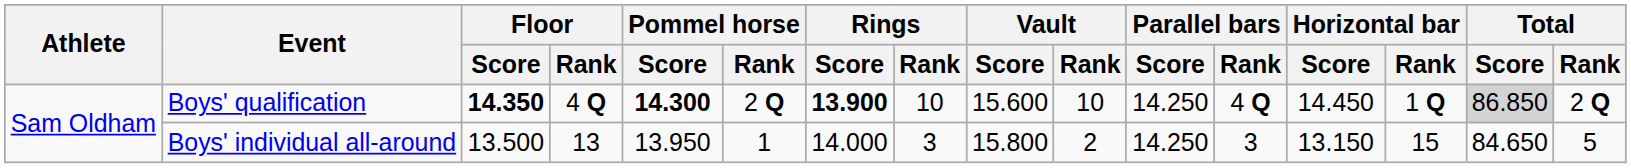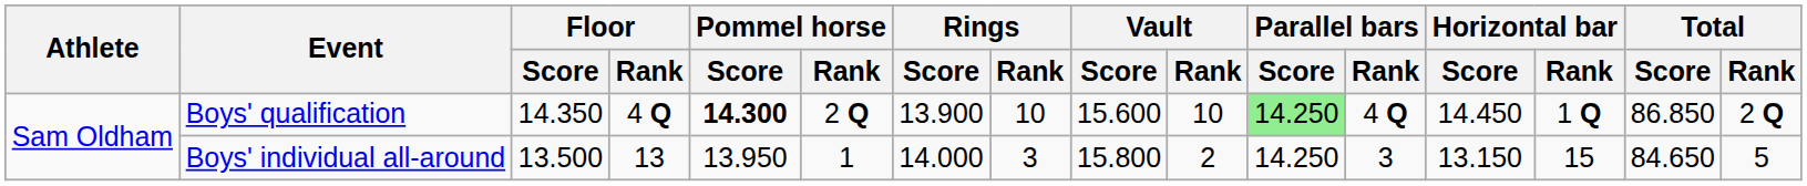 <table class="wikitable" border="1" style="font-size:90%">
 <tr>
 <th rowspan=2>Athlete</th>
 <th rowspan=2>Event</th>
 <th colspan=2>Floor</th>
 <th colspan=2>Pommel horse</th>
 <th colspan=2>Rings</th>
 <th colspan=2>Vault</th>
 <th colspan=2>Parallel bars</th>
 <th colspan=2>Horizontal bar</th>
 <th colspan=2>Total</th>
 </tr>
 <tr>
 <th>Score</th>
 <th>Rank</th>
 <th>Score</th>
 <th>Rank</th>
 <th>Score</th>
 <th>Rank</th>
 <th>Score</th>
 <th>Rank</th>
 <th>Score</th>
 <th>Rank</th>
 <th>Score</th>
 <th>Rank</th>
 <th>Score</th>
 <th>Rank</th>
 </tr>
 <tr>
 <td rowspan=2><a href='#'>Sam Oldham</a></td>
 <td><a href='#'>Boys' qualification</a></td>
-<td align=center><strong>14.350</strong></td>
+<td align=center>14.350</td>
 <td align=center>4 <strong>Q</strong></td>
 <td align=center><strong>14.300</strong></td>
 <td align=center>2 <strong>Q</strong></td>
-<td align=center><strong>13.900</strong></td>
+<td align=center>13.900</td>
 <td align=center>10</td>
 <td align=center>15.600</td>
 <td align=center>10</td>
-<td align=center>14.250</td>
+<td align=center style="background: lightgreen;">14.250</td>
 <td align=center>4 <strong>Q</strong></td>
 <td align=center>14.450</td>
 <td align=center>1 <strong>Q</strong></td>
-<td align=center style="background: lightgrey;">86.850</td>
+<td align=center>86.850</td>
 <td align=center>2 <strong>Q</strong></td>
 </tr>
 <tr>
 <td><a href='#'>Boys' individual all-around</a></td>
 <td align=center>13.500</td>
 <td align=center>13</td>
 <td align=center>13.950</td>
 <td align=center>1</td>
 <td align=center>14.000</td>
 <td align=center>3</td>
 <td align=center>15.800</td>
 <td align=center>2</td>
 <td align=center>14.250</td>
 <td align=center>3</td>
 <td align=center>13.150</td>
 <td align=center>15</td>
 <td align=center>84.650</td>
 <td align=center>5</td>
 </tr>
 </table>
